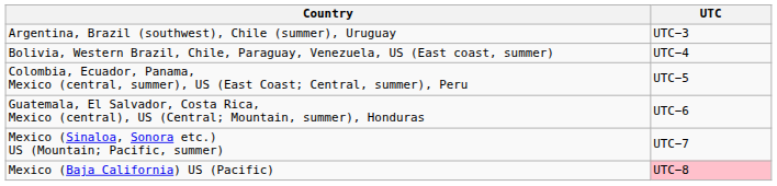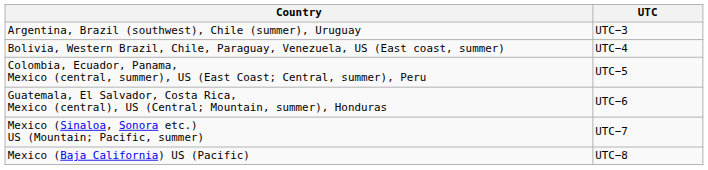 <table class="wikitable" style="margin:1em auto; font-size: 95%;" width="40%">
 <tr>
 <th width="80%">Country</th>
 <th width="15%">UTC</th>
 </tr>
 <tr>
 <td>Argentina, Brazil (southwest), Chile (summer), Uruguay</td>
 <td>UTC−3</td>
 </tr>
 <tr>
 <td>Bolivia, Western Brazil, Chile, Paraguay, Venezuela, US (East coast, summer)</td>
 <td>UTC−4</td>
 </tr>
 <tr>
 <td>Colombia, Ecuador, Panama, <br>Mexico (central, summer), US (East Coast; Central, summer), Peru</td>
 <td>UTC−5</td>
 </tr>
 <tr>
 <td>Guatemala, El Salvador, Costa Rica, <br>Mexico (central), US (Central; Mountain, summer), Honduras</td>
 <td>UTC−6</td>
 </tr>
 <tr>
 <td>Mexico (<a href='#'>Sinaloa</a>, <a href='#'>Sonora</a> etc.) <br>US (Mountain; Pacific, summer)</td>
 <td>UTC−7</td>
 </tr>
 <tr>
 <td>Mexico (<a href='#'>Baja California</a>) US (Pacific)</td>
-<td style="background: pink;">UTC−8</td>
+<td>UTC−8</td>
 </tr>
 </table>
